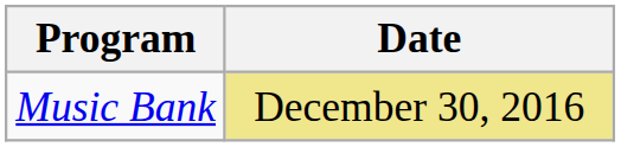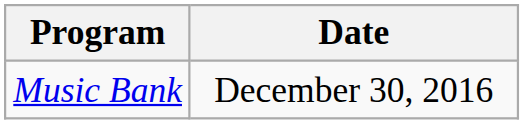 <table class="wikitable" style="text-align:center;">
 <tr>
 <th>Program</th>
 <th style="width:140px;">Date</th>
 </tr>
 <tr>
 <td><a href='#'><em>Music Bank</em></a></td>
-<td style="background: khaki;">December 30, 2016</td>
+<td>December 30, 2016</td>
 </tr>
 </table>
